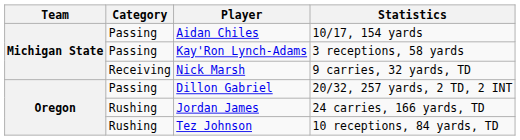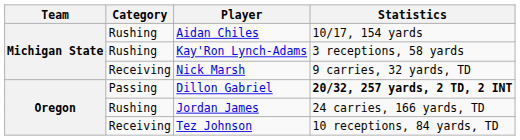 <table class="wikitable" style="float:right">
 <tr>
 <th>Team</th>
 <th>Category</th>
 <th>Player</th>
 <th>Statistics</th>
 </tr>
 <tr>
 <th rowspan=3>Michigan State</th>
-<td>Passing</td>
+<td>Rushing</td>
 <td><a href='#'>Aidan Chiles</a></td>
 <td>10/17, 154 yards</td>
 </tr>
 <tr>
-<td>Passing</td>
+<td>Rushing</td>
 <td><a href='#'>Kay'Ron Lynch-Adams</a></td>
 <td>3 receptions, 58 yards</td>
 </tr>
 <tr>
 <td>Receiving</td>
 <td><a href='#'>Nick Marsh</a></td>
 <td>9 carries, 32 yards, TD</td>
 </tr>
 <tr>
 <th rowspan=3>Oregon</th>
 <td>Passing</td>
 <td><a href='#'>Dillon Gabriel</a></td>
-<td>20/32, 257 yards, 2 TD, 2 INT</td>
+<td><strong>20/32, 257 yards, 2 TD, 2 INT</strong></td>
 </tr>
 <tr>
 <td>Rushing</td>
 <td><a href='#'>Jordan James</a></td>
 <td>24 carries, 166 yards, TD</td>
 </tr>
 <tr>
-<td>Rushing</td>
+<td>Receiving</td>
 <td><a href='#'>Tez Johnson</a></td>
 <td>10 receptions, 84 yards, TD</td>
 </tr>
 </table>
